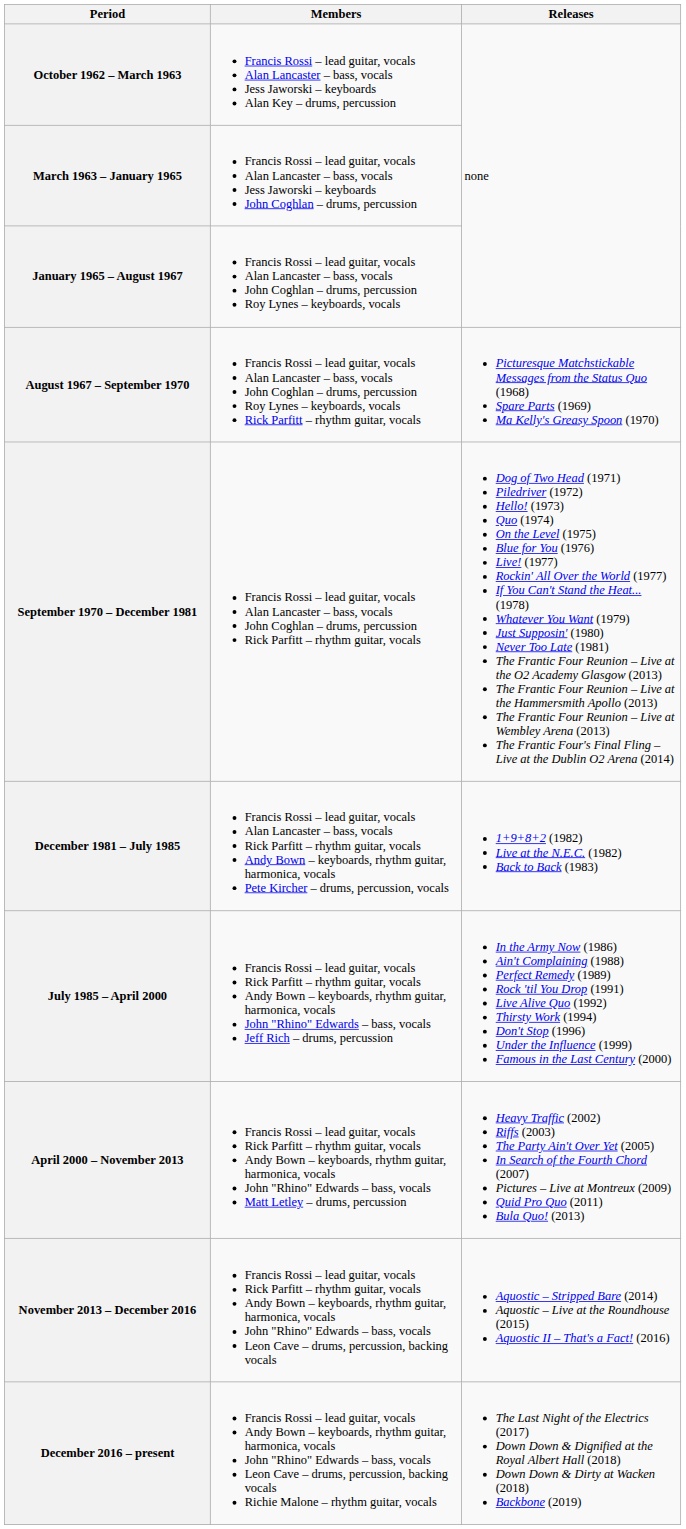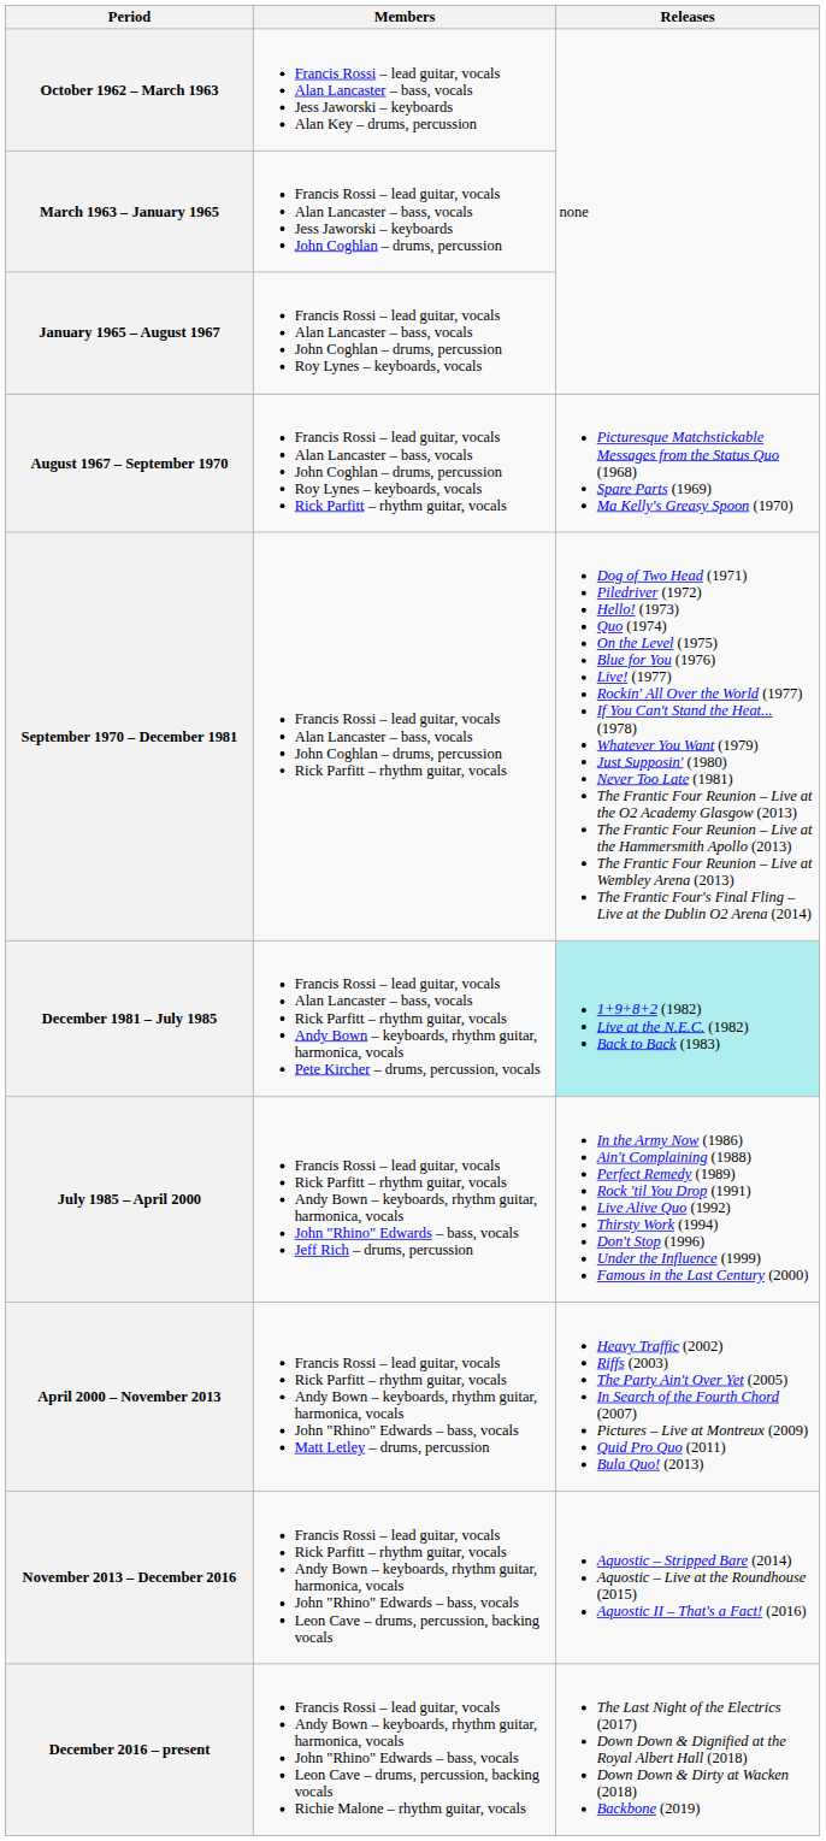 <table class="wikitable">
 <tr>
 <th scope="col" style="width:20em;">Period</th>
 <th scope="col" style="width:24em;">Members</th>
 <th scope="col" style="width:20em;">Releases</th>
 </tr>
 <tr>
 <th>October 1962 – March 1963<br></th>
 <td><br><ul><li><a href='#'>Francis Rossi</a> – lead guitar, vocals</li><li><a href='#'>Alan Lancaster</a> – bass, vocals</li><li>Jess Jaworski – keyboards</li><li>Alan Key – drums, percussion</li></ul></td>
 <td rowspan="3">none</td>
 </tr>
 <tr>
 <th>March 1963 – January 1965<br></th>
 <td><br><ul><li>Francis Rossi – lead guitar, vocals</li><li>Alan Lancaster – bass, vocals</li><li>Jess Jaworski – keyboards</li><li><a href='#'>John Coghlan</a> – drums, percussion</li></ul></td>
 </tr>
 <tr>
 <th>January 1965 – August 1967<br></th>
 <td><br><ul><li>Francis Rossi – lead guitar, vocals</li><li>Alan Lancaster – bass, vocals</li><li>John Coghlan – drums, percussion</li><li>Roy Lynes – keyboards, vocals</li></ul></td>
 </tr>
 <tr>
 <th>August 1967 – September 1970<br></th>
 <td><br><ul><li>Francis Rossi – lead guitar, vocals</li><li>Alan Lancaster – bass, vocals</li><li>John Coghlan – drums, percussion</li><li>Roy Lynes – keyboards, vocals</li><li><a href='#'>Rick Parfitt</a> – rhythm guitar, vocals</li></ul></td>
 <td><br><ul><li><em><a href='#'>Picturesque Matchstickable Messages from the Status Quo</a></em> (1968)</li><li><em><a href='#'>Spare Parts</a></em> (1969)</li><li><em><a href='#'>Ma Kelly's Greasy Spoon</a></em> (1970)</li></ul></td>
 </tr>
 <tr>
 <th>September 1970 – December 1981<br></th>
 <td><br><ul><li>Francis Rossi – lead guitar, vocals</li><li>Alan Lancaster – bass, vocals</li><li>John Coghlan – drums, percussion</li><li>Rick Parfitt – rhythm guitar, vocals</li></ul></td>
 <td><br><ul><li><em><a href='#'>Dog of Two Head</a></em> (1971)</li><li><em><a href='#'>Piledriver</a></em> (1972)</li><li><em><a href='#'>Hello!</a></em> (1973)</li><li><em><a href='#'>Quo</a></em> (1974)</li><li><em><a href='#'>On the Level</a></em> (1975)</li><li><em><a href='#'>Blue for You</a></em> (1976)</li><li><em><a href='#'>Live!</a></em> (1977)</li><li><em><a href='#'>Rockin' All Over the World</a></em> (1977)</li><li><em><a href='#'>If You Can't Stand the Heat...</a></em> (1978)</li><li><em><a href='#'>Whatever You Want</a></em> (1979)</li><li><em><a href='#'>Just Supposin'</a></em> (1980)</li><li><em><a href='#'>Never Too Late</a></em> (1981)</li><li><em>The Frantic Four Reunion – Live at the O2 Academy Glasgow </em> (2013)</li><li><em>The Frantic Four Reunion – Live at the Hammersmith Apollo</em> (2013)</li><li><em>The Frantic Four Reunion – Live at Wembley Arena</em> (2013)</li><li><em>The Frantic Four's Final Fling – Live at the Dublin O2 Arena</em> (2014)</li></ul></td>
 </tr>
 <tr>
 <th>December 1981 – July 1985</th>
 <td><br><ul><li>Francis Rossi – lead guitar, vocals</li><li>Alan Lancaster – bass, vocals</li><li>Rick Parfitt – rhythm guitar, vocals</li><li><a href='#'>Andy Bown</a> – keyboards, rhythm guitar, harmonica, vocals</li><li><a href='#'>Pete Kircher</a> – drums, percussion, vocals</li></ul></td>
-<td><br><ul><li><em><a href='#'>1+9+8+2</a></em> (1982)</li><li><em><a href='#'>Live at the N.E.C.</a></em> (1982)</li><li><em><a href='#'>Back to Back</a></em> (1983)</li></ul></td>
+<td style="background: paleturquoise;"><br><ul><li><em><a href='#'>1+9+8+2</a></em> (1982)</li><li><em><a href='#'>Live at the N.E.C.</a></em> (1982)</li><li><em><a href='#'>Back to Back</a></em> (1983)</li></ul></td>
 </tr>
 <tr>
 <th>July 1985 – April 2000</th>
 <td><br><ul><li>Francis Rossi – lead guitar, vocals</li><li>Rick Parfitt – rhythm guitar, vocals</li><li>Andy Bown – keyboards, rhythm guitar, harmonica, vocals</li><li><a href='#'>John "Rhino" Edwards</a> – bass, vocals</li><li><a href='#'>Jeff Rich</a> – drums, percussion</li></ul></td>
 <td><br><ul><li><em><a href='#'>In the Army Now</a></em> (1986)</li><li><em><a href='#'>Ain't Complaining</a></em> (1988)</li><li><em><a href='#'>Perfect Remedy</a></em> (1989)</li><li><em><a href='#'>Rock 'til You Drop</a></em> (1991)</li><li><em><a href='#'>Live Alive Quo</a></em> (1992)</li><li><em><a href='#'>Thirsty Work</a></em> (1994)</li><li><em><a href='#'>Don't Stop</a></em> (1996)</li><li><em><a href='#'>Under the Influence</a></em> (1999)</li><li><em><a href='#'>Famous in the Last Century</a></em> (2000)</li></ul></td>
 </tr>
 <tr>
 <th>April 2000 – November 2013</th>
 <td><br><ul><li>Francis Rossi – lead guitar, vocals</li><li>Rick Parfitt – rhythm guitar, vocals</li><li>Andy Bown – keyboards, rhythm guitar, harmonica, vocals</li><li>John "Rhino" Edwards – bass, vocals</li><li><a href='#'>Matt Letley</a> – drums, percussion</li></ul></td>
 <td><br><ul><li><em><a href='#'>Heavy Traffic</a></em> (2002)</li><li><em><a href='#'>Riffs</a></em> (2003)</li><li><em><a href='#'>The Party Ain't Over Yet</a></em> (2005)</li><li><em><a href='#'>In Search of the Fourth Chord</a></em> (2007)</li><li><em>Pictures – Live at Montreux</em> (2009)</li><li><em><a href='#'>Quid Pro Quo</a></em> (2011)</li><li><em><a href='#'>Bula Quo!</a></em> (2013)</li></ul></td>
 </tr>
 <tr>
 <th>November 2013 – December 2016</th>
 <td><br><ul><li>Francis Rossi – lead guitar, vocals</li><li>Rick Parfitt – rhythm guitar, vocals</li><li>Andy Bown – keyboards, rhythm guitar, harmonica, vocals</li><li>John "Rhino" Edwards – bass, vocals</li><li>Leon Cave – drums, percussion, backing vocals</li></ul></td>
 <td><br><ul><li><em><a href='#'>Aquostic – Stripped Bare</a></em> (2014)</li><li><em>Aquostic – Live at the Roundhouse</em> (2015)</li><li><em><a href='#'>Aquostic II – That's a Fact!</a></em> (2016)</li></ul></td>
 </tr>
 <tr>
 <th>December 2016 – present</th>
 <td><br><ul><li>Francis Rossi – lead guitar, vocals</li><li>Andy Bown – keyboards, rhythm guitar, harmonica, vocals</li><li>John "Rhino" Edwards – bass, vocals</li><li>Leon Cave – drums, percussion, backing vocals</li><li>Richie Malone – rhythm guitar, vocals</li></ul></td>
 <td {{flatlist><br><ul><li><em>The Last Night of the Electrics</em> (2017)</li><li><em>Down Down & Dignified at the Royal Albert Hall</em> (2018)</li><li><em>Down Down & Dirty at Wacken</em> (2018)</li><li><em><a href='#'>Backbone</a></em> (2019)</li></ul></td>
 </tr>
 </table>
